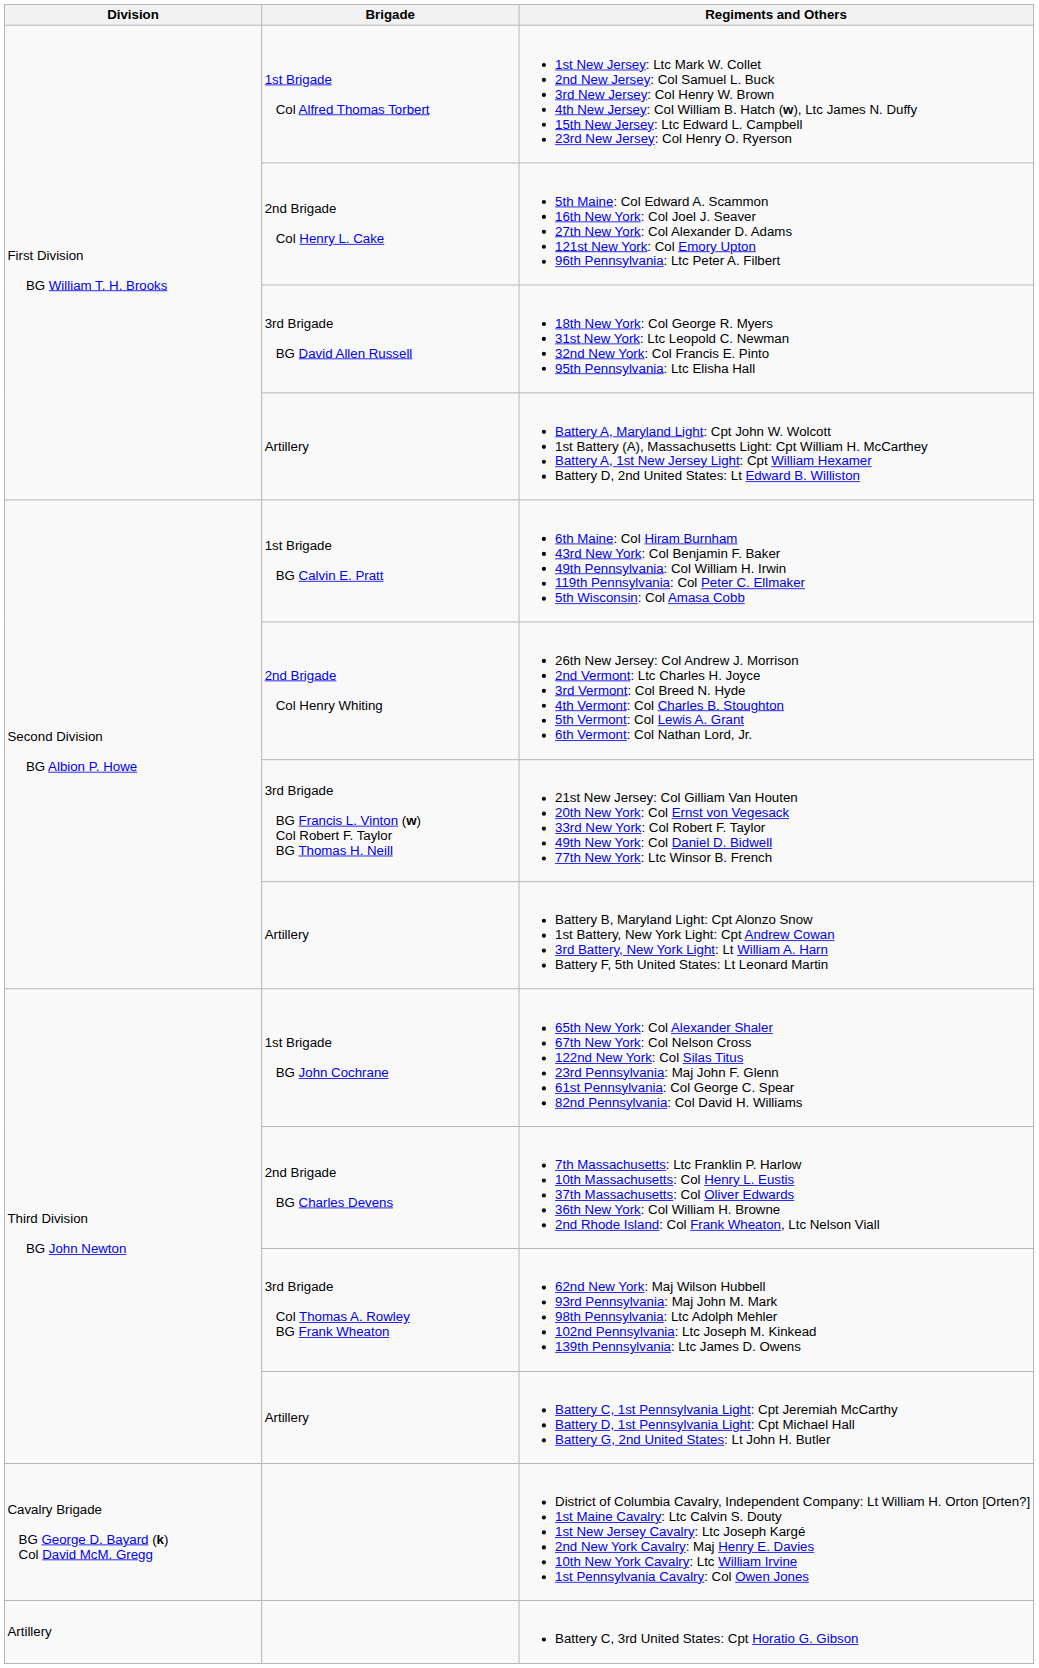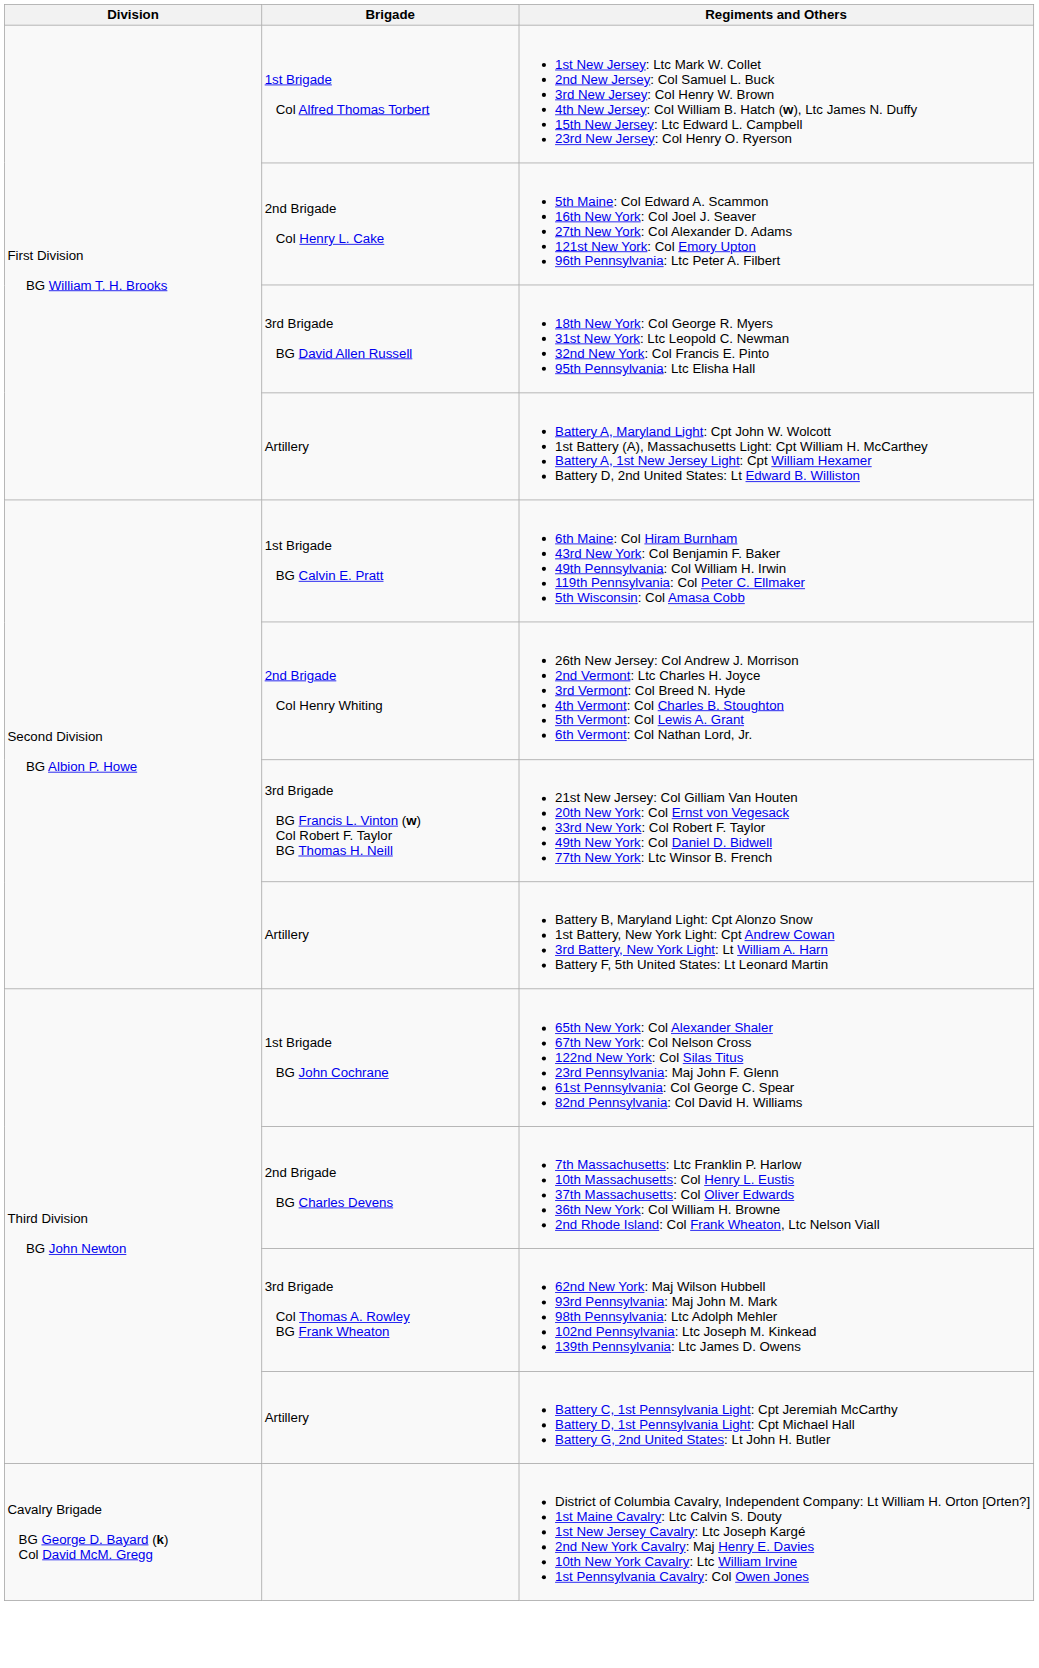 <table class="wikitable">
 <tr>
 <th width=25%>Division</th>
 <th width=25%>Brigade</th>
 <th>Regiments and Others</th>
 </tr>
 <tr>
 <td rowspan=4><br>First Division<br><br>     BG <a href='#'>William T. H. Brooks</a></td>
 <td><a href='#'>1st Brigade</a><br><br>   Col <a href='#'>Alfred Thomas Torbert</a></td>
 <td><br><ul><li><a href='#'>1st New Jersey</a>: Ltc Mark W. Collet</li><li><a href='#'>2nd New Jersey</a>: Col Samuel L. Buck</li><li><a href='#'>3rd New Jersey</a>: Col Henry W. Brown</li><li><a href='#'>4th New Jersey</a>: Col William B. Hatch (<strong>w</strong>), Ltc James N. Duffy</li><li><a href='#'>15th New Jersey</a>: Ltc Edward L. Campbell</li><li><a href='#'>23rd New Jersey</a>: Col Henry O. Ryerson</li></ul></td>
 </tr>
 <tr>
 <td>2nd Brigade<br><br>   Col <a href='#'>Henry L. Cake</a></td>
 <td><br><ul><li><a href='#'>5th Maine</a>: Col Edward A. Scammon</li><li><a href='#'>16th New York</a>: Col Joel J. Seaver</li><li><a href='#'>27th New York</a>: Col Alexander D. Adams</li><li><a href='#'>121st New York</a>: Col <a href='#'>Emory Upton</a></li><li><a href='#'>96th Pennsylvania</a>: Ltc Peter A. Filbert</li></ul></td>
 </tr>
 <tr>
 <td>3rd Brigade<br><br>   BG <a href='#'>David Allen Russell</a></td>
 <td><br><ul><li><a href='#'>18th New York</a>: Col George R. Myers</li><li><a href='#'>31st New York</a>: Ltc Leopold C. Newman</li><li><a href='#'>32nd New York</a>: Col Francis E. Pinto</li><li><a href='#'>95th Pennsylvania</a>: Ltc Elisha Hall</li></ul></td>
 </tr>
 <tr>
 <td>Artillery</td>
 <td><br><ul><li><a href='#'>Battery A, Maryland Light</a>: Cpt John W. Wolcott</li><li>1st Battery (A), Massachusetts Light: Cpt William H. McCarthey</li><li><a href='#'>Battery A, 1st New Jersey Light</a>: Cpt <a href='#'>William Hexamer</a></li><li>Battery D, 2nd United States: Lt <a href='#'>Edward B. Williston</a></li></ul></td>
 </tr>
 <tr>
 <td rowspan=4><br>Second Division<br><br>     BG <a href='#'>Albion P. Howe</a></td>
 <td>1st Brigade<br><br>   BG <a href='#'>Calvin E. Pratt</a></td>
 <td><br><ul><li><a href='#'>6th Maine</a>: Col <a href='#'>Hiram Burnham</a></li><li><a href='#'>43rd New York</a>: Col Benjamin F. Baker</li><li><a href='#'>49th Pennsylvania</a>: Col William H. Irwin</li><li><a href='#'>119th Pennsylvania</a>: Col <a href='#'>Peter C. Ellmaker</a></li><li><a href='#'>5th Wisconsin</a>: Col <a href='#'>Amasa Cobb</a></li></ul></td>
 </tr>
 <tr>
 <td><a href='#'>2nd Brigade</a><br><br>   Col Henry Whiting</td>
 <td><br><ul><li>26th New Jersey: Col Andrew J. Morrison</li><li><a href='#'>2nd Vermont</a>: Ltc Charles H. Joyce</li><li><a href='#'>3rd Vermont</a>: Col Breed N. Hyde</li><li><a href='#'>4th Vermont</a>: Col <a href='#'>Charles B. Stoughton</a></li><li><a href='#'>5th Vermont</a>: Col <a href='#'>Lewis A. Grant</a></li><li><a href='#'>6th Vermont</a>: Col Nathan Lord, Jr.</li></ul></td>
 </tr>
 <tr>
 <td>3rd Brigade<br><br>   BG <a href='#'>Francis L. Vinton</a> (<strong>w</strong>) <br>   Col Robert F. Taylor <br>   BG <a href='#'>Thomas H. Neill</a></td>
 <td><br><ul><li>21st New Jersey: Col Gilliam Van Houten</li><li><a href='#'>20th New York</a>: Col <a href='#'>Ernst von Vegesack</a></li><li><a href='#'>33rd New York</a>: Col Robert F. Taylor</li><li><a href='#'>49th New York</a>: Col <a href='#'>Daniel D. Bidwell</a></li><li><a href='#'>77th New York</a>: Ltc Winsor B. French</li></ul></td>
 </tr>
 <tr>
 <td>Artillery</td>
 <td><br><ul><li>Battery B, Maryland Light: Cpt Alonzo Snow</li><li>1st Battery, New York Light: Cpt <a href='#'>Andrew Cowan</a></li><li><a href='#'>3rd Battery, New York Light</a>: Lt <a href='#'>William A. Harn</a></li><li>Battery F, 5th United States: Lt Leonard Martin</li></ul></td>
 </tr>
 <tr>
 <td rowspan=4><br>Third Division<br><br>     BG <a href='#'>John Newton</a></td>
 <td>1st Brigade<br><br>   BG <a href='#'>John Cochrane</a></td>
 <td><br><ul><li><a href='#'>65th New York</a>: Col <a href='#'>Alexander Shaler</a></li><li><a href='#'>67th New York</a>: Col Nelson Cross</li><li><a href='#'>122nd New York</a>: Col <a href='#'>Silas Titus</a></li><li><a href='#'>23rd Pennsylvania</a>: Maj John F. Glenn</li><li><a href='#'>61st Pennsylvania</a>: Col George C. Spear</li><li><a href='#'>82nd Pennsylvania</a>: Col David H. Williams</li></ul></td>
 </tr>
 <tr>
 <td>2nd Brigade<br><br>   BG <a href='#'>Charles Devens</a></td>
 <td><br><ul><li><a href='#'>7th Massachusetts</a>: Ltc Franklin P. Harlow</li><li><a href='#'>10th Massachusetts</a>: Col <a href='#'>Henry L. Eustis</a></li><li><a href='#'>37th Massachusetts</a>: Col <a href='#'>Oliver Edwards</a></li><li><a href='#'>36th New York</a>: Col William H. Browne</li><li><a href='#'>2nd Rhode Island</a>: Col <a href='#'>Frank Wheaton</a>, Ltc Nelson Viall</li></ul></td>
 </tr>
 <tr>
 <td>3rd Brigade<br><br>   Col <a href='#'>Thomas A. Rowley</a> <br>   BG <a href='#'>Frank Wheaton</a></td>
 <td><br><ul><li><a href='#'>62nd New York</a>: Maj Wilson Hubbell</li><li><a href='#'>93rd Pennsylvania</a>: Maj John M. Mark</li><li><a href='#'>98th Pennsylvania</a>: Ltc Adolph Mehler</li><li><a href='#'>102nd Pennsylvania</a>: Ltc Joseph M. Kinkead</li><li><a href='#'>139th Pennsylvania</a>: Ltc James D. Owens</li></ul></td>
 </tr>
 <tr>
 <td>Artillery</td>
 <td><br><ul><li><a href='#'>Battery C, 1st Pennsylvania Light</a>: Cpt Jeremiah McCarthy</li><li><a href='#'>Battery D, 1st Pennsylvania Light</a>: Cpt Michael Hall</li><li><a href='#'>Battery G, 2nd United States</a>: Lt John H. Butler</li></ul></td>
 </tr>
 <tr>
 <td>Cavalry Brigade<br><br>   BG <a href='#'>George D. Bayard</a> (<strong>k</strong>) <br>   Col <a href='#'>David McM. Gregg</a></td>
 <td></td>
 <td><br><ul><li>District of Columbia Cavalry, Independent Company: Lt William H. Orton [Orten?]</li><li><a href='#'>1st Maine Cavalry</a>: Ltc Calvin S. Douty</li><li><a href='#'>1st New Jersey Cavalry</a>: Ltc Joseph Kargé</li><li><a href='#'>2nd New York Cavalry</a>: Maj <a href='#'>Henry E. Davies</a></li><li><a href='#'>10th New York Cavalry</a>: Ltc <a href='#'>William Irvine</a></li><li><a href='#'>1st Pennsylvania Cavalry</a>: Col <a href='#'>Owen Jones</a></li></ul></td>
 </tr>
-<tr>
-<td>Artillery</td>
-<td></td>
-<td><br><ul><li>Battery C, 3rd United States: Cpt <a href='#'>Horatio G. Gibson</a></li></ul></td>
-</tr>
 </table>
